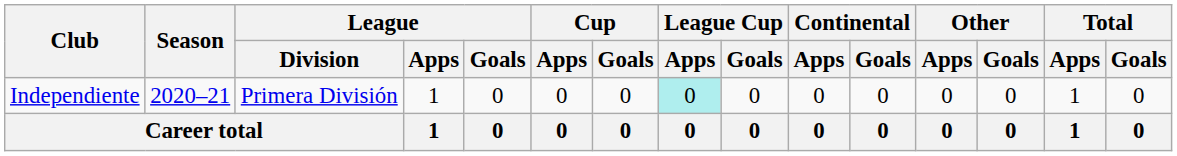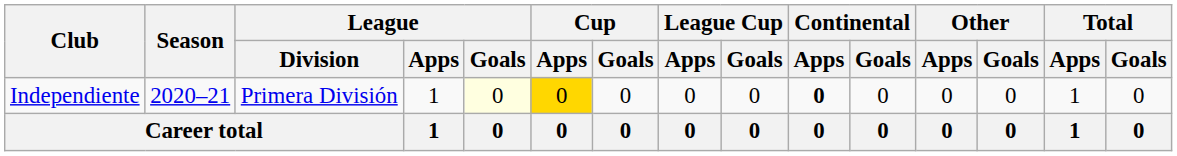 <table class="wikitable" style="text-align:center">
 <tr>
 <th rowspan="2">Club</th>
 <th rowspan="2">Season</th>
 <th colspan="3">League</th>
 <th colspan="2">Cup</th>
 <th colspan="2">League Cup</th>
 <th colspan="2">Continental</th>
 <th colspan="2">Other</th>
 <th colspan="2">Total</th>
 </tr>
 <tr>
 <th>Division</th>
 <th>Apps</th>
 <th>Goals</th>
 <th>Apps</th>
 <th>Goals</th>
 <th>Apps</th>
 <th>Goals</th>
 <th>Apps</th>
 <th>Goals</th>
 <th>Apps</th>
 <th>Goals</th>
 <th>Apps</th>
 <th>Goals</th>
 </tr>
 <tr>
 <td rowspan="1"><a href='#'>Independiente</a></td>
 <td><a href='#'>2020–21</a></td>
 <td rowspan="1"><a href='#'>Primera División</a></td>
 <td>1</td>
+<td style="background: lightyellow;">0</td>
+<td style="background: gold;">0</td>
 <td>0</td>
 <td>0</td>
 <td>0</td>
-<td style="background: paleturquoise;">0</td>
-<td>0</td>
-<td>0</td>
+<td><strong>0</strong></td>
 <td>0</td>
 <td>0</td>
 <td>0</td>
 <td>1</td>
 <td>0</td>
 </tr>
 <tr>
 <th colspan="3">Career total</th>
 <th>1</th>
 <th>0</th>
 <th>0</th>
 <th>0</th>
 <th>0</th>
 <th>0</th>
 <th>0</th>
 <th>0</th>
 <th>0</th>
 <th>0</th>
 <th>1</th>
 <th>0</th>
 </tr>
 </table>
